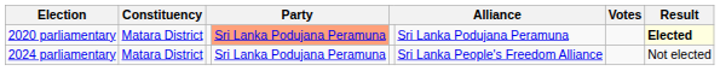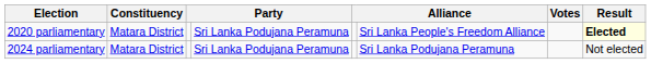 <table class="wikitable" style="text-align:left;">
 <tr>
 <th scope=col>Election</th>
 <th scope=col>Constituency</th>
 <th scope=col colspan="2">Party</th>
 <th scope=col colspan="2">Alliance</th>
 <th scope=col>Votes</th>
 <th scope=col>Result</th>
 </tr>
 <tr>
 <td><a href='#'>2020 parliamentary</a></td>
 <td><a href='#'>Matara District</a></td>
 <td style="background:"></td>
-<td style="background: lightsalmon;"><a href='#'>Sri Lanka Podujana Peramuna</a></td>
+<td><a href='#'>Sri Lanka Podujana Peramuna</a></td>
 <td style="background:"></td>
-<td><a href='#'>Sri Lanka Podujana Peramuna</a></td>
+<td><a href='#'>Sri Lanka People's Freedom Alliance</a></td>
 <td align=right></td>
 <td style="background: lightyellow;"><strong>Elected</strong></td>
 </tr>
 <tr>
 <td><a href='#'>2024 parliamentary</a></td>
 <td><a href='#'>Matara District</a></td>
 <td style="background:"></td>
 <td><a href='#'>Sri Lanka Podujana Peramuna</a></td>
 <td style="background:"></td>
-<td><a href='#'>Sri Lanka People's Freedom Alliance</a></td>
+<td><a href='#'>Sri Lanka Podujana Peramuna</a></td>
 <td></td>
 <td>Not elected</td>
 </tr>
 </table>
